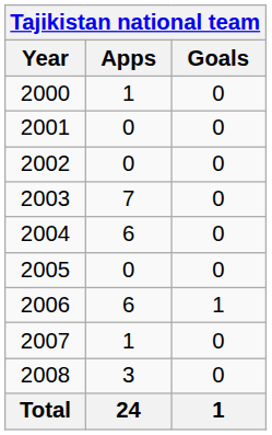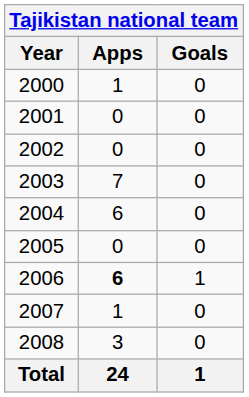 <table class="wikitable" style="text-align:center">
 <tr>
 <th colspan=3><a href='#'>Tajikistan national team</a></th>
 </tr>
 <tr>
 <th>Year</th>
 <th>Apps</th>
 <th>Goals</th>
 </tr>
 <tr>
 <td>2000</td>
 <td>1</td>
 <td>0</td>
 </tr>
 <tr>
 <td>2001</td>
 <td>0</td>
 <td>0</td>
 </tr>
 <tr>
 <td>2002</td>
 <td>0</td>
 <td>0</td>
 </tr>
 <tr>
 <td>2003</td>
 <td>7</td>
 <td>0</td>
 </tr>
 <tr>
 <td>2004</td>
 <td>6</td>
 <td>0</td>
 </tr>
 <tr>
 <td>2005</td>
 <td>0</td>
 <td>0</td>
 </tr>
 <tr>
 <td>2006</td>
-<td>6</td>
+<td><strong>6</strong></td>
 <td>1</td>
 </tr>
 <tr>
 <td>2007</td>
 <td>1</td>
 <td>0</td>
 </tr>
 <tr>
 <td>2008</td>
 <td>3</td>
 <td>0</td>
 </tr>
 <tr>
 <th>Total</th>
 <th>24</th>
 <th>1</th>
 </tr>
 </table>
